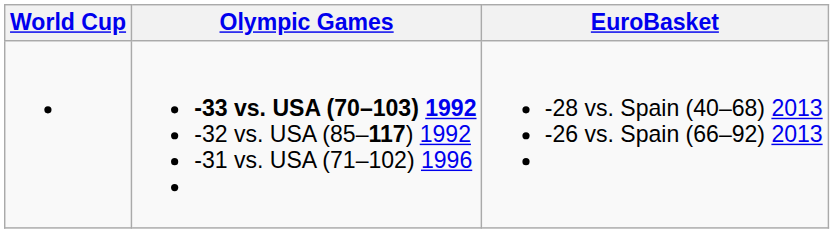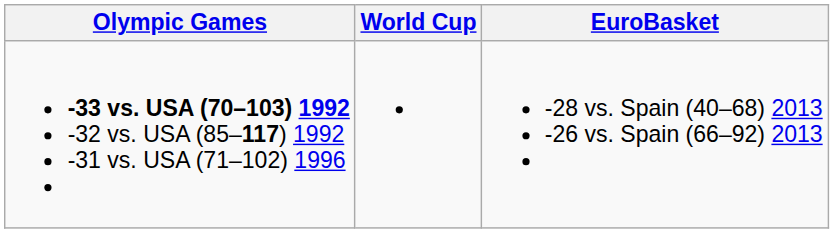 <table class="wikitable">
 <tr>
+<th><a href='#'>Olympic Games</a></th>
 <th><a href='#'>World Cup</a></th>
-<th><a href='#'>Olympic Games</a></th>
 <th><a href='#'>EuroBasket</a></th>
 </tr>
 <tr style="vertical-align:top;">
+<td><br><ul><li><strong>-33 vs. USA (70–103) <a href='#'>1992</a></strong></li><li>-32 vs. USA (85–<strong>117</strong>) <a href='#'>1992</a></li><li>-31 vs. USA (71–102) <a href='#'>1996</a></li><li></li></ul></td>
 <td><br><ul><li></li></ul></td>
-<td><br><ul><li><strong>-33 vs. USA (70–103) <a href='#'>1992</a></strong></li><li>-32 vs. USA (85–<strong>117</strong>) <a href='#'>1992</a></li><li>-31 vs. USA (71–102) <a href='#'>1996</a></li><li></li></ul></td>
 <td><br><ul><li>-28 vs. Spain (40–68) <a href='#'>2013</a></li><li>-26 vs. Spain (66–92) <a href='#'>2013</a></li><li></li></ul></td>
 </tr>
 </table>
